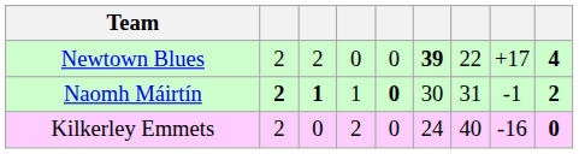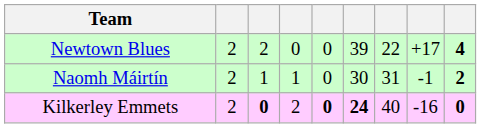 <table class="wikitable" style="text-align:center">
 <tr>
 <th style="width:175px;">Team</th>
 <th width="20"></th>
 <th width="20"></th>
 <th width="20"></th>
 <th width="20"></th>
 <th width="20"></th>
 <th width="20"></th>
 <th width="20"></th>
 <th width="20"></th>
 </tr>
 <tr style="background:#cfc;">
 <td><a href='#'>Newtown Blues</a></td>
 <td>2</td>
 <td>2</td>
 <td>0</td>
 <td>0</td>
-<td><strong>39</strong></td>
+<td>39</td>
 <td>22</td>
 <td>+17</td>
 <td><strong>4</strong></td>
 </tr>
 <tr style="background:#cfc;">
 <td><a href='#'>Naomh Máirtín</a></td>
-<td><strong>2</strong></td>
-<td><strong>1</strong></td>
+<td>2</td>
 <td>1</td>
-<td><strong>0</strong></td>
+<td>1</td>
+<td>0</td>
 <td>30</td>
 <td>31</td>
 <td>-1</td>
 <td><strong>2</strong></td>
 </tr>
 <tr style="background:#fcf;">
 <td>Kilkerley Emmets</td>
 <td>2</td>
-<td>0</td>
+<td><strong>0</strong></td>
 <td>2</td>
-<td>0</td>
-<td>24</td>
+<td><strong>0</strong></td>
+<td><strong>24</strong></td>
 <td>40</td>
 <td>-16</td>
 <td><strong>0</strong></td>
 </tr>
 </table>
